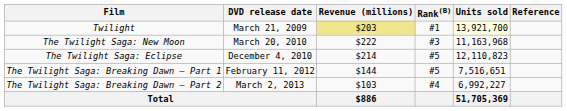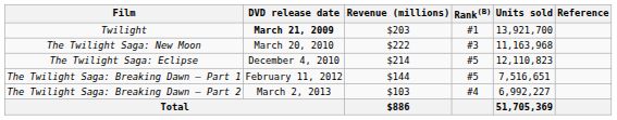 <table class="wikitable sortable">
 <tr>
 <th>Film</th>
 <th>DVD release date</th>
 <th>Revenue (millions)</th>
 <th>Rank<sup>(B)</sup></th>
 <th>Units sold</th>
 <th>Reference</th>
 </tr>
 <tr style="text-align:center;">
 <td><em>Twilight</em></td>
-<td>March 21, 2009</td>
-<td style="background: khaki;">$203</td>
+<td><strong>March 21, 2009</strong></td>
+<td>$203</td>
 <td>#1</td>
-<td style="background: lightyellow;">13,921,700</td>
+<td>13,921,700</td>
 <td></td>
 </tr>
 <tr style="text-align:center;">
 <td><em>The Twilight Saga: New Moon</em></td>
 <td>March 20, 2010</td>
 <td>$222</td>
 <td>#3</td>
 <td>11,163,968</td>
 <td></td>
 </tr>
 <tr style="text-align:center;">
 <td><em>The Twilight Saga: Eclipse</em></td>
 <td>December 4, 2010</td>
 <td>$214</td>
 <td>#5</td>
 <td>12,110,823</td>
 <td></td>
 </tr>
 <tr style="text-align:center;">
 <td><em>The Twilight Saga: Breaking Dawn – Part 1</em></td>
 <td>February 11, 2012</td>
 <td>$144</td>
 <td>#5</td>
 <td>7,516,651</td>
 <td></td>
 </tr>
 <tr style="text-align:center;">
 <td><em>The Twilight Saga: Breaking Dawn – Part 2</em></td>
 <td>March 2, 2013</td>
 <td>$103</td>
 <td>#4</td>
 <td>6,992,227</td>
 <td></td>
 </tr>
 <tr class="sortbottom">
 <th colspan="2">Total</th>
 <th>$886</th>
 <th></th>
 <th>51,705,369</th>
 <th></th>
 </tr>
 </table>
